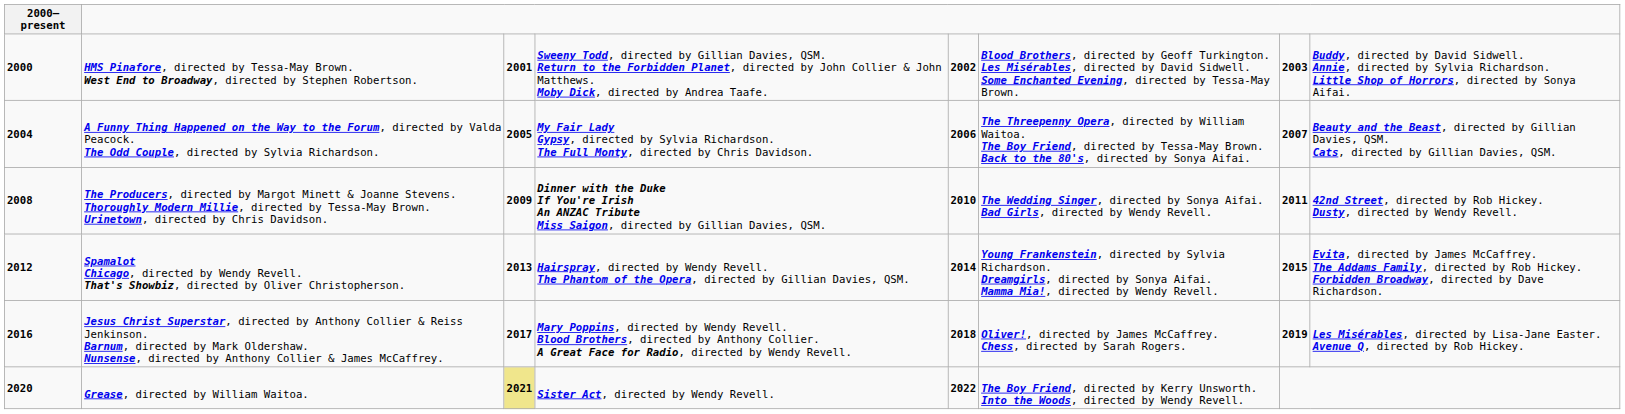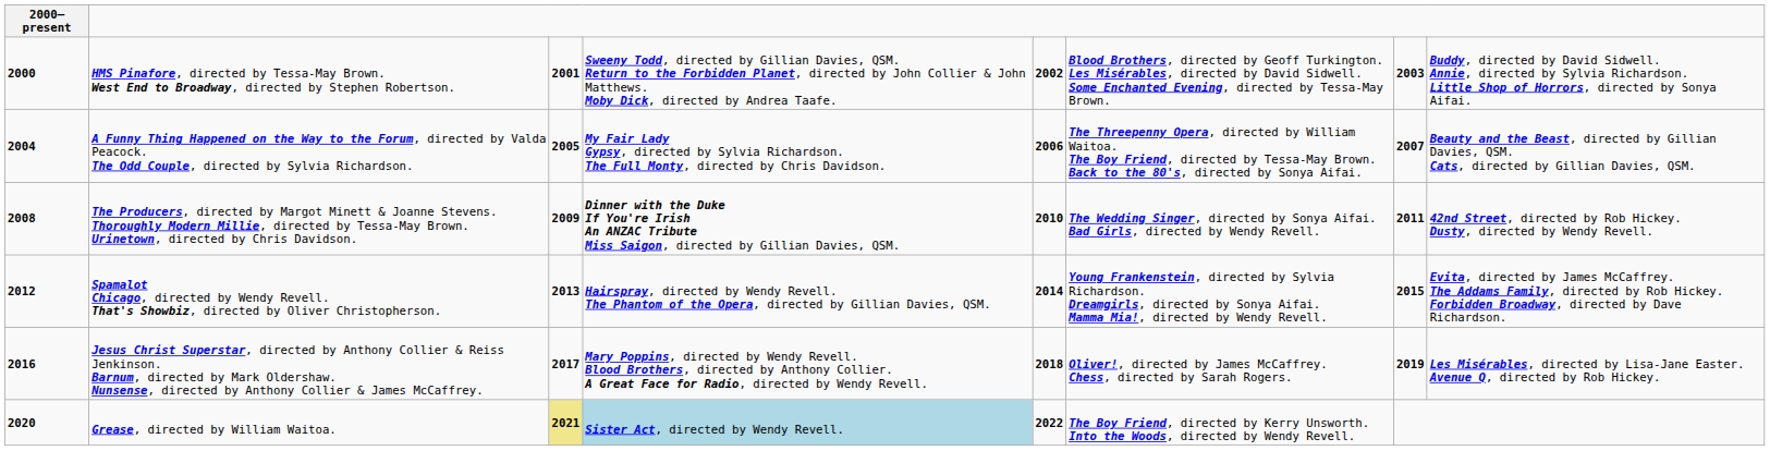 <table class="wikitable mw-collapsible mw-collapsed">
 <tr>
 <th>2000–present</th>
 </tr>
 <tr>
 <td><strong>2000</strong></td>
 <td><br><strong><em><a href='#'>HMS Pinafore</a></em></strong>, directed by Tessa-May Brown.<br> <strong><em>West End to Broadway</em></strong>, directed by Stephen Robertson.</td>
 <td><strong>2001</strong></td>
 <td><br><strong><em><a href='#'>Sweeny Todd</a></em></strong>, directed by Gillian Davies, QSM.<br> <strong><em><a href='#'>Return to the Forbidden Planet</a></em></strong>, directed by John Collier & John Matthews.<br> <strong><em><a href='#'>Moby Dick</a></em></strong>, directed by Andrea Taafe.</td>
 <td><strong>2002</strong></td>
 <td><br><strong><em><a href='#'>Blood Brothers</a></em></strong>, directed by Geoff Turkington.<br> <strong><em><a href='#'>Les Misérables</a></em></strong>, directed by David Sidwell.<br> <strong><em><a href='#'>Some Enchanted Evening</a></em></strong>, directed by Tessa-May Brown.</td>
 <td><strong>2003</strong></td>
 <td><br><strong><em><a href='#'>Buddy</a></em></strong>, directed by David Sidwell.<br> <strong><em><a href='#'>Annie</a></em></strong>, directed by Sylvia Richardson.<br> <strong><em><a href='#'>Little Shop of Horrors</a></em></strong>, directed by Sonya Aifai.</td>
 </tr>
 <tr>
 <td><strong>2004</strong></td>
 <td><br><strong><em><a href='#'>A Funny Thing Happened on the Way to the Forum</a></em></strong>, directed by Valda Peacock.<br> <strong><em><a href='#'>The Odd Couple</a></em></strong>, directed by Sylvia Richardson.</td>
 <td><strong>2005</strong></td>
 <td><br><strong><em><a href='#'>My Fair Lady</a></em></strong><br> <strong><em><a href='#'>Gypsy</a></em></strong>, directed by Sylvia Richardson.<br> <strong><em><a href='#'>The Full Monty</a></em></strong>, directed by Chris Davidson.</td>
 <td><strong>2006</strong></td>
 <td><br><strong><em><a href='#'>The Threepenny Opera</a></em></strong>, directed by William Waitoa.<br> <strong><em><a href='#'>The Boy Friend</a></em></strong>, directed by Tessa-May Brown.<br> <strong><em><a href='#'>Back to the 80's</a></em></strong>, directed by Sonya Aifai.</td>
 <td><strong>2007</strong></td>
 <td><br><strong><em><a href='#'>Beauty and the Beast</a></em></strong>, directed by Gillian Davies, QSM.<br> <strong><em><a href='#'>Cats</a></em></strong>, directed by Gillian Davies, QSM.</td>
 </tr>
 <tr>
 <td><strong>2008</strong></td>
 <td><br><strong><em><a href='#'>The Producers</a></em></strong>, directed by Margot Minett & Joanne Stevens.<br> <strong><em><a href='#'>Thoroughly Modern Millie</a></em></strong>, directed by Tessa-May Brown.<br> <strong><em><a href='#'>Urinetown</a></em></strong>, directed by Chris Davidson.</td>
 <td><strong>2009</strong></td>
 <td><br><strong><em>Dinner with the Duke</em></strong><br> <strong><em>If You're Irish</em></strong><br> <strong><em>An ANZAC Tribute</em></strong><br> <strong><em><a href='#'>Miss Saigon</a></em></strong>, directed by Gillian Davies, QSM.</td>
 <td><strong>2010</strong></td>
 <td><br><strong><em><a href='#'>The Wedding Singer</a></em></strong>, directed by Sonya Aifai.<br> <strong><em><a href='#'>Bad Girls</a></em></strong>, directed by Wendy Revell.</td>
 <td><strong>2011</strong></td>
 <td><br><strong><em><a href='#'>42nd Street</a></em></strong>, directed by Rob Hickey.<br> <strong><em><a href='#'>Dusty</a></em></strong>, directed by Wendy Revell.</td>
 </tr>
 <tr>
 <td><strong>2012</strong></td>
 <td><br><strong><em><a href='#'>Spamalot</a></em></strong><br> <strong><em><a href='#'>Chicago</a></em></strong>, directed by Wendy Revell.<br> <strong><em>That's Showbiz</em></strong>, directed by Oliver Christopherson.</td>
 <td><strong>2013</strong></td>
 <td><br><strong><em><a href='#'>Hairspray</a></em></strong>, directed by Wendy Revell.<br> <strong><em><a href='#'>The Phantom of the Opera</a></em></strong>, directed by Gillian Davies, QSM.</td>
 <td><strong>2014</strong></td>
 <td><br><strong><em><a href='#'>Young Frankenstein</a></em></strong>, directed by Sylvia Richardson.<br> <strong><em><a href='#'>Dreamgirls</a></em></strong>, directed by Sonya Aifai.<br> <strong><em><a href='#'>Mamma Mia!</a></em></strong>, directed by Wendy Revell.</td>
 <td><strong>2015</strong></td>
 <td><br><strong><em><a href='#'>Evita</a></em></strong>, directed by James McCaffrey.<br> <strong><em><a href='#'>The Addams Family</a></em></strong>, directed by Rob Hickey.<br> <strong><em><a href='#'>Forbidden Broadway</a></em></strong>, directed by Dave Richardson.</td>
 </tr>
 <tr>
 <td><strong>2016</strong></td>
 <td><br><strong><em><a href='#'>Jesus Christ Superstar</a></em></strong>, directed by Anthony Collier & Reiss Jenkinson.<br> <strong><em><a href='#'>Barnum</a></em></strong>, directed by Mark Oldershaw.<br> <strong><em><a href='#'>Nunsense</a></em></strong>, directed by Anthony Collier & James McCaffrey.</td>
 <td><strong>2017</strong></td>
 <td><br><strong><em><a href='#'>Mary Poppins</a></em></strong>, directed by Wendy Revell. <br> <strong><em><a href='#'>Blood Brothers</a></em></strong>, directed by Anthony Collier.<br> <strong><em>A Great Face for Radio</em></strong>, directed by Wendy Revell.</td>
 <td><strong>2018</strong></td>
 <td><br><strong><em><a href='#'>Oliver!</a></em></strong>, directed by James McCaffrey.<br> <strong><em><a href='#'>Chess</a></em></strong>, directed by Sarah Rogers.<br></td>
 <td><strong>2019</strong></td>
 <td><br><strong><em><a href='#'>Les Misérables</a></em></strong>, directed by Lisa-Jane Easter.<br> <strong><em><a href='#'>Avenue Q</a></em></strong>, directed by Rob Hickey.</td>
 </tr>
 <tr>
 <td><strong>2020</strong></td>
 <td><br><strong><em><a href='#'>Grease</a></em></strong>, directed by William Waitoa.</td>
 <td style="background: khaki;"><strong>2021</strong></td>
-<td><br><strong><em><a href='#'>Sister Act</a></em></strong>, directed by Wendy Revell.</td>
+<td style="background: lightblue;"><br><strong><em><a href='#'>Sister Act</a></em></strong>, directed by Wendy Revell.</td>
 <td><strong>2022</strong></td>
 <td><br><strong><em><a href='#'>The Boy Friend</a></em></strong>, directed by Kerry Unsworth.<br> <strong><em><a href='#'>Into the Woods</a></em></strong>, directed by Wendy Revell.</td>
 </tr>
 </table>
